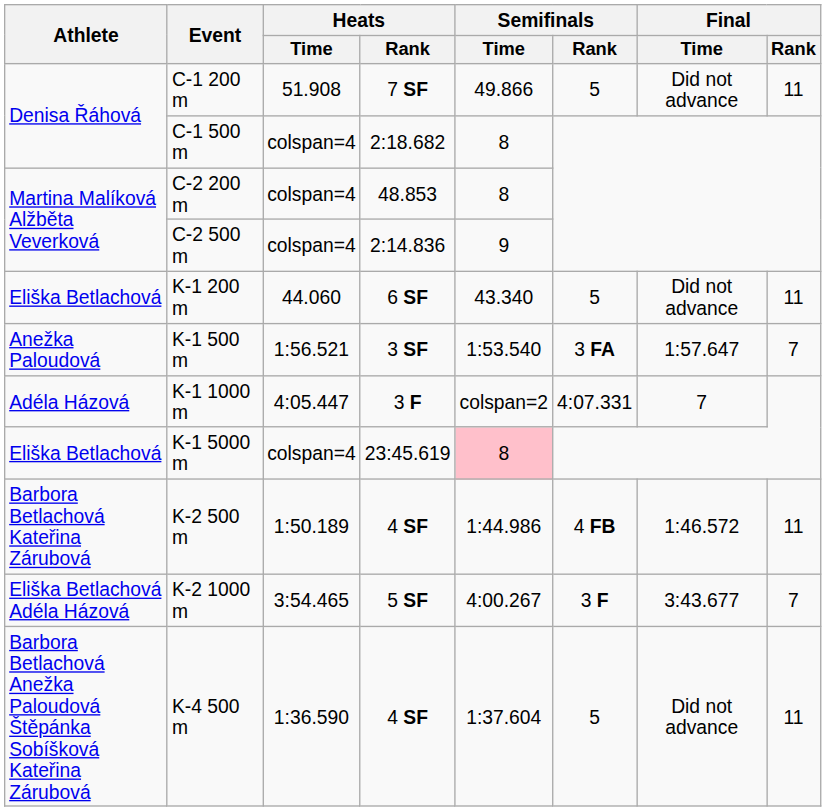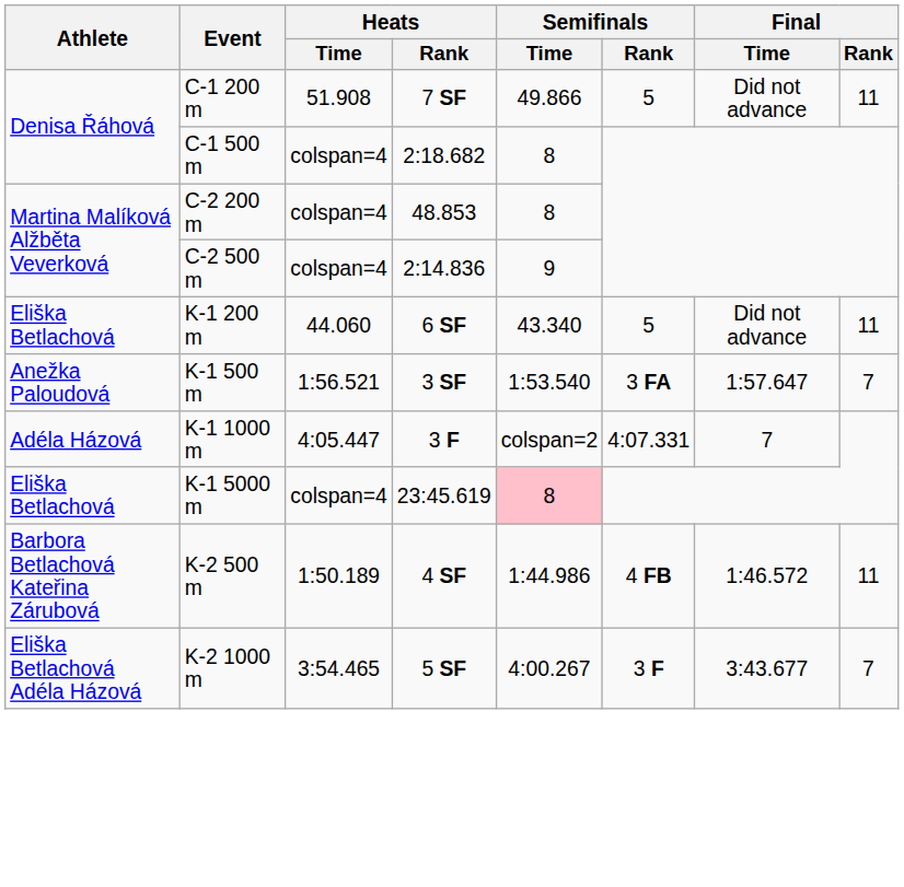 <table class=wikitable style="font-size:90%">
 <tr>
 <th rowspan="2">Athlete</th>
 <th rowspan="2">Event</th>
 <th colspan=2>Heats</th>
 <th colspan=2>Semifinals</th>
 <th colspan=2>Final</th>
 </tr>
 <tr style="font-size:95%">
 <th>Time</th>
 <th>Rank</th>
 <th>Time</th>
 <th>Rank</th>
 <th>Time</th>
 <th>Rank</th>
 </tr>
 <tr align=center>
 <td align=left rowspan=2><a href='#'>Denisa Řáhová</a></td>
 <td align=left>C-1 200 m</td>
 <td>51.908</td>
 <td>7 <strong>SF</strong></td>
 <td>49.866</td>
 <td>5</td>
 <td>Did not advance</td>
 <td>11</td>
 </tr>
 <tr align=center>
 <td align=left>C-1 500 m</td>
 <td>colspan=4</td>
 <td>2:18.682</td>
 <td>8</td>
 </tr>
 <tr align=center>
 <td align=left rowspan=2><a href='#'>Martina Malíková</a><br><a href='#'>Alžběta Veverková</a></td>
 <td align=left>C-2 200 m</td>
 <td>colspan=4</td>
 <td>48.853</td>
 <td>8</td>
 </tr>
 <tr align=center>
 <td align=left>C-2 500 m</td>
 <td>colspan=4</td>
 <td>2:14.836</td>
 <td>9</td>
 </tr>
 <tr align=center>
 <td align=left><a href='#'>Eliška Betlachová</a></td>
 <td align=left>K-1 200 m</td>
 <td>44.060</td>
 <td>6 <strong>SF</strong></td>
 <td>43.340</td>
 <td>5</td>
 <td>Did not advance</td>
 <td>11</td>
 </tr>
 <tr align=center>
 <td align=left><a href='#'>Anežka Paloudová</a></td>
 <td align=left>K-1 500 m</td>
 <td>1:56.521</td>
 <td>3 <strong>SF</strong></td>
 <td>1:53.540</td>
 <td>3 <strong>FA</strong></td>
 <td>1:57.647</td>
 <td>7</td>
 </tr>
 <tr align=center>
 <td align=left><a href='#'>Adéla Házová</a></td>
 <td align=left>K-1 1000 m</td>
 <td>4:05.447</td>
 <td>3 <strong>F</strong></td>
 <td>colspan=2</td>
 <td>4:07.331</td>
 <td>7</td>
 </tr>
 <tr align=center>
 <td align=left><a href='#'>Eliška Betlachová</a></td>
 <td align=left>K-1 5000 m</td>
 <td>colspan=4</td>
 <td>23:45.619</td>
 <td style="background: pink;">8</td>
 </tr>
 <tr align=center>
 <td align=left><a href='#'>Barbora Betlachová</a><br><a href='#'>Kateřina Zárubová</a></td>
 <td align=left>K-2 500 m</td>
 <td>1:50.189</td>
 <td>4 <strong>SF</strong></td>
 <td>1:44.986</td>
 <td>4 <strong>FB</strong></td>
 <td>1:46.572</td>
 <td>11</td>
 </tr>
 <tr align=center>
 <td align=left><a href='#'>Eliška Betlachová</a><br><a href='#'>Adéla Házová</a></td>
 <td align=left>K-2 1000 m</td>
 <td>3:54.465</td>
 <td>5 <strong>SF</strong></td>
 <td>4:00.267</td>
 <td>3 <strong>F</strong></td>
 <td>3:43.677</td>
 <td>7</td>
 </tr>
-<tr align=center>
-<td align=left><a href='#'>Barbora Betlachová</a><br><a href='#'>Anežka Paloudová</a><br><a href='#'>Štěpánka Sobíšková</a><br><a href='#'>Kateřina Zárubová</a></td>
-<td align=left>K-4 500 m</td>
-<td>1:36.590</td>
-<td>4 <strong>SF</strong></td>
-<td>1:37.604</td>
-<td>5</td>
-<td>Did not advance</td>
-<td>11</td>
-</tr>
 </table>
